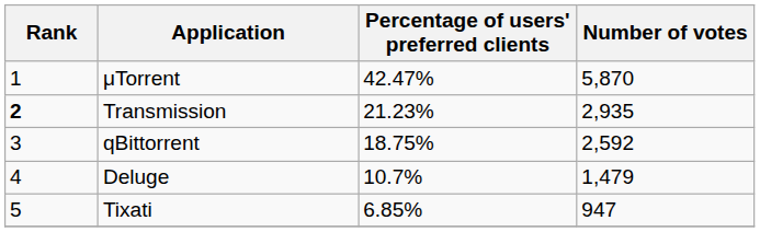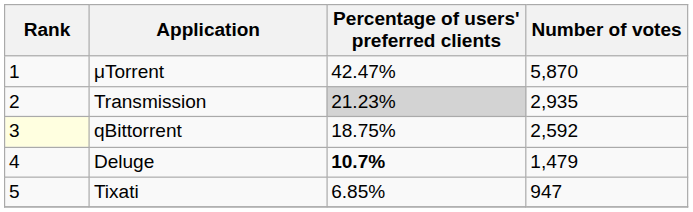 <table class="wikitable sortable" style="width: auto; table-layout: fixed;">
 <tr>
 <th style="width:4em">Rank</th>
 <th style="width:12em">Application</th>
 <th style="width:10em">Percentage of users' preferred clients</th>
 <th style="width:8em">Number of votes</th>
 </tr>
 <tr>
 <td>1</td>
 <td>μTorrent</td>
 <td>42.47%</td>
 <td>5,870</td>
 </tr>
 <tr>
-<td><strong>2</strong></td>
+<td>2</td>
 <td>Transmission</td>
-<td>21.23%</td>
+<td style="background: lightgrey;">21.23%</td>
 <td>2,935</td>
 </tr>
 <tr>
-<td>3</td>
+<td style="background: lightyellow;">3</td>
 <td>qBittorrent</td>
 <td>18.75%</td>
 <td>2,592</td>
 </tr>
 <tr>
 <td>4</td>
 <td>Deluge</td>
-<td>10.7%</td>
+<td><strong>10.7%</strong></td>
 <td>1,479</td>
 </tr>
 <tr>
 <td>5</td>
 <td>Tixati</td>
 <td>6.85%</td>
 <td>947</td>
 </tr>
 <tr>
 </tr>
 </table>
